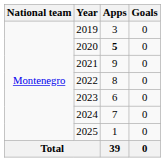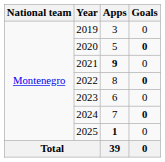 <table class=wikitable style=text-align:center>
 <tr>
 <th>National team</th>
 <th>Year</th>
 <th>Apps</th>
 <th>Goals</th>
 </tr>
 <tr>
 <td rowspan="7"><a href='#'>Montenegro</a></td>
 <td>2019</td>
 <td>3</td>
 <td>0</td>
 </tr>
 <tr>
 <td>2020</td>
-<td><strong>5</strong></td>
-<td>0</td>
+<td>5</td>
+<td><strong>0</strong></td>
 </tr>
 <tr>
 <td>2021</td>
-<td>9</td>
+<td><strong>9</strong></td>
 <td>0</td>
 </tr>
 <tr>
 <td>2022</td>
 <td>8</td>
-<td>0</td>
+<td><strong>0</strong></td>
 </tr>
 <tr>
 <td>2023</td>
 <td>6</td>
 <td>0</td>
 </tr>
 <tr>
 <td>2024</td>
 <td>7</td>
-<td>0</td>
+<td><strong>0</strong></td>
 </tr>
 <tr>
 <td>2025</td>
-<td>1</td>
+<td><strong>1</strong></td>
 <td>0</td>
 </tr>
 <tr>
 <th colspan=2>Total</th>
 <th>39</th>
 <th>0</th>
 </tr>
 </table>
